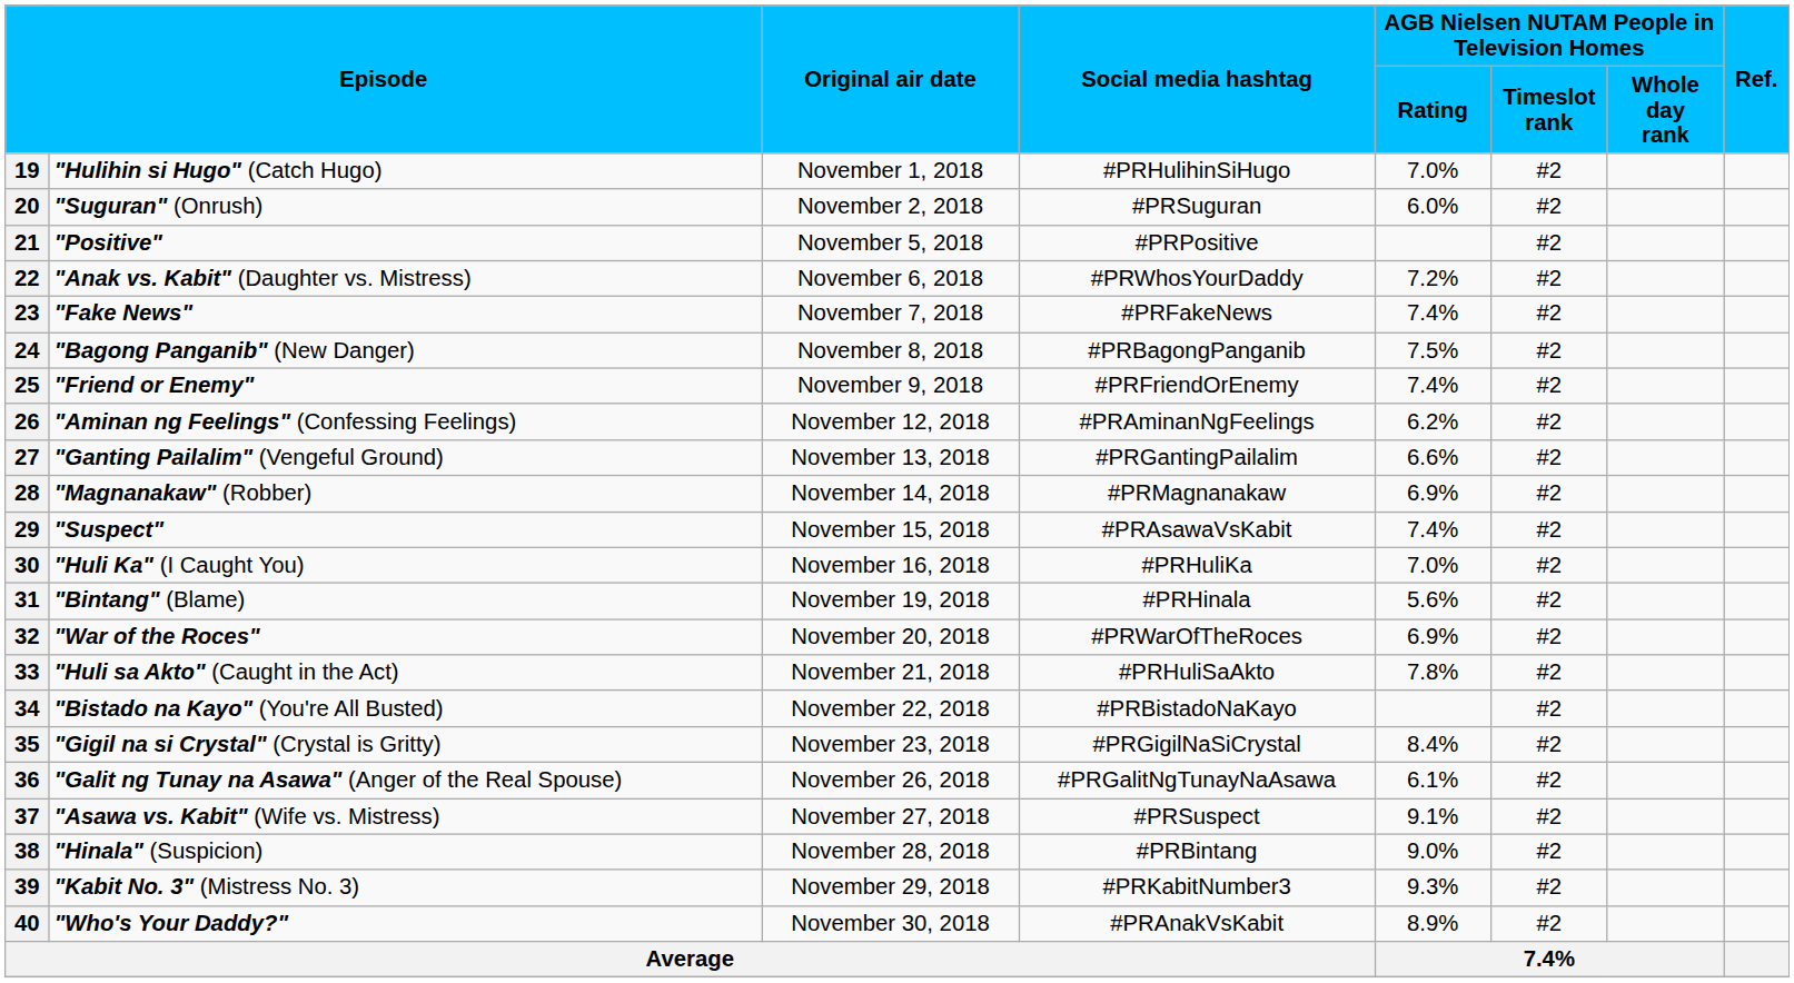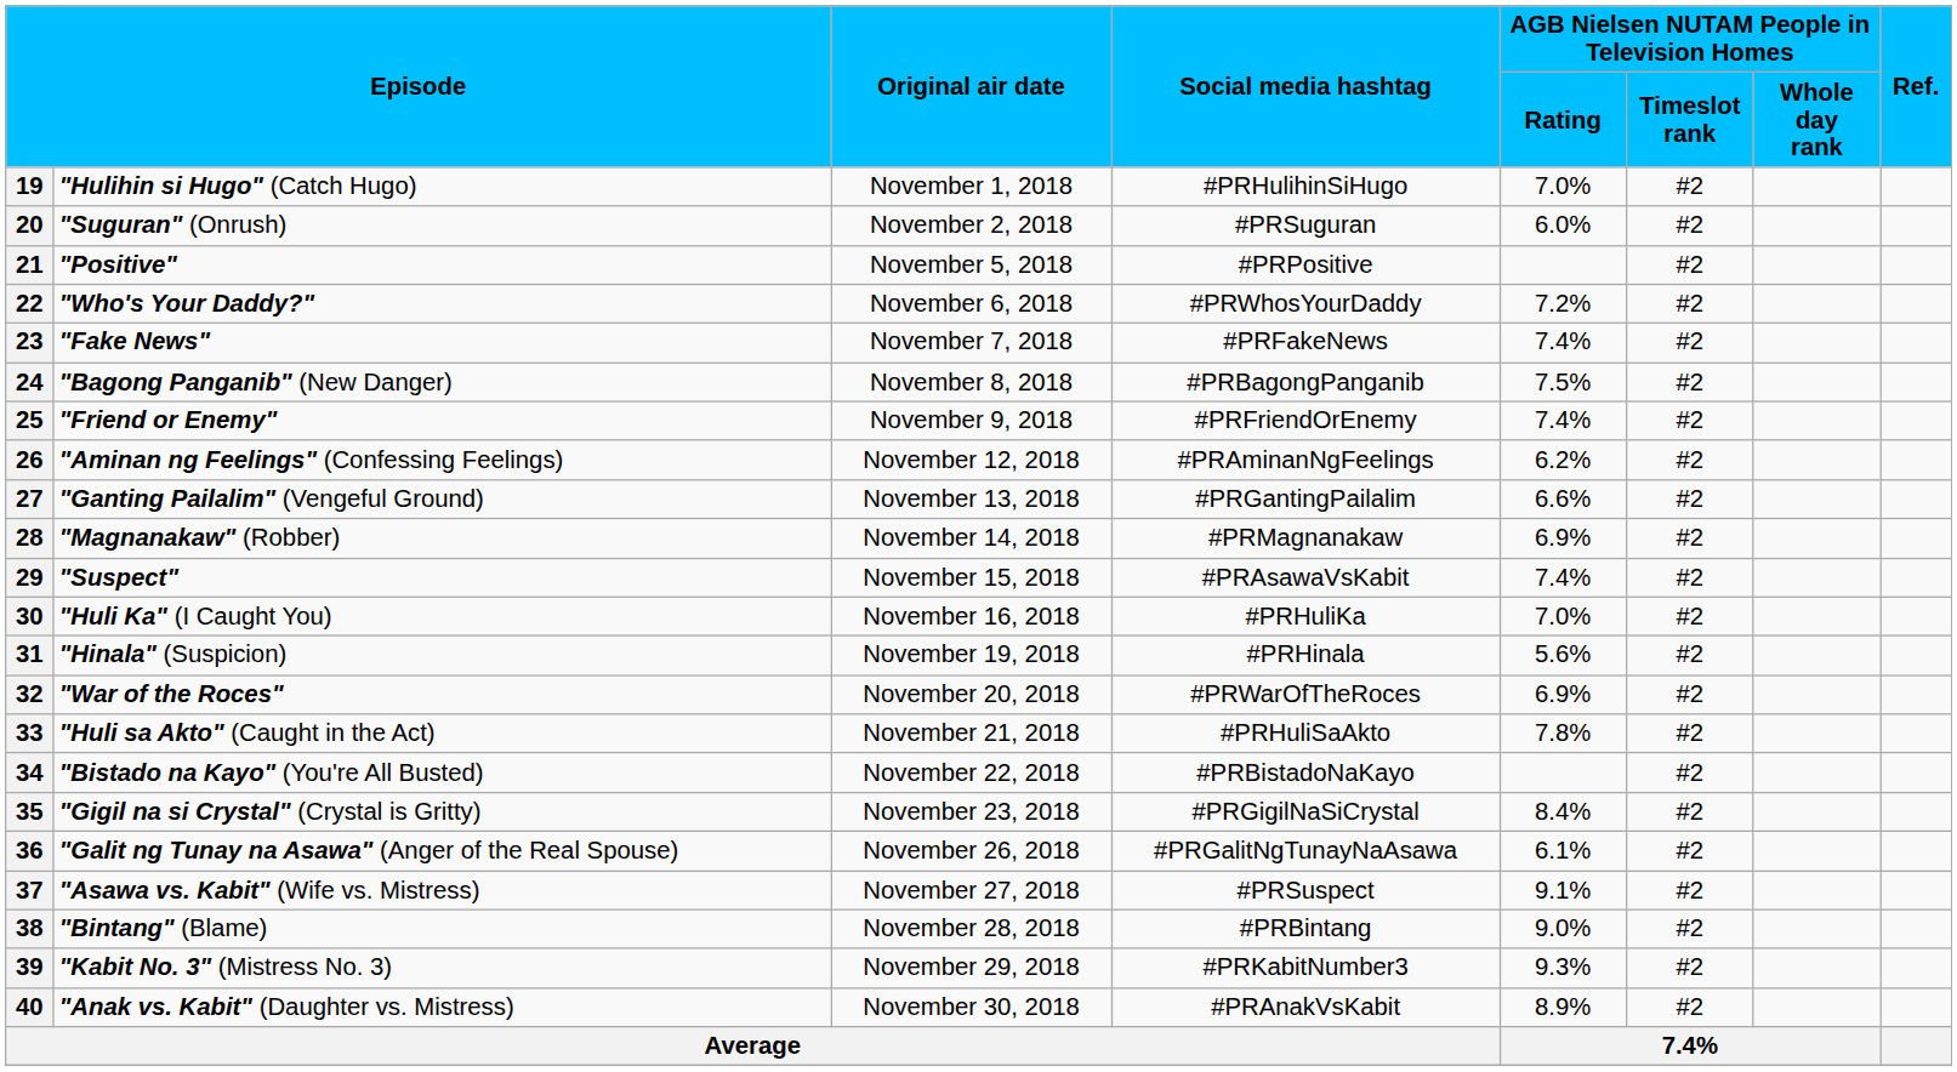 <table class="wikitable" style="text-align:center; font-size:100%; line-height:18px;" width="100%">
 <tr>
 <th style="background-color:#00BFFF; color:#000000;" colspan="2" rowspan="2">Episode</th>
 <th style="background-color:#00BFFF; color:black" rowspan="2">Original air date</th>
 <th style="background-color:#00BFFF; color:black" rowspan="2">Social media hashtag</th>
 <th style="background-color:#00BFFF; color:#000000;" colspan="3">AGB Nielsen NUTAM People in Television Homes</th>
 <th style="background-color:#00BFFF;  color:#000000;" rowspan="2">Ref.</th>
 </tr>
 <tr>
 <th style="background-color:#00BFFF; width:75px; color:#000000;">Rating</th>
 <th style="background-color:#00BFFF;  width:75px; color:#000000;">Timeslot<br>rank</th>
 <th style="background-color:#00BFFF; width:75px; color:#000000;">Whole day<br>rank</th>
 </tr>
 <tr>
 <th>19</th>
 <td style="text-align: left;"><strong><em>"Hulihin si Hugo"</em></strong> (Catch Hugo)</td>
 <td>November 1, 2018</td>
 <td>#PRHulihinSiHugo</td>
 <td>7.0%</td>
 <td>#2</td>
 <td></td>
 <td></td>
 </tr>
 <tr>
 <th>20</th>
 <td style="text-align: left;"><strong><em>"Suguran"</em></strong> (Onrush)</td>
 <td>November 2, 2018</td>
 <td>#PRSuguran</td>
 <td>6.0%</td>
 <td>#2</td>
 <td></td>
 <td></td>
 </tr>
 <tr>
 <th>21</th>
 <td style="text-align: left;"><strong><em>"Positive"</em></strong></td>
 <td>November 5, 2018</td>
 <td>#PRPositive</td>
 <td></td>
 <td>#2</td>
 <td></td>
 <td></td>
 </tr>
 <tr>
 <th>22</th>
-<td style="text-align: left;"><strong><em>"Anak vs. Kabit"</em></strong> (Daughter vs. Mistress)</td>
+<td style="text-align: left;"><strong><em>"Who's Your Daddy?"</em></strong></td>
 <td>November 6, 2018</td>
 <td>#PRWhosYourDaddy</td>
 <td>7.2%</td>
 <td>#2</td>
 <td></td>
 <td></td>
 </tr>
 <tr>
 <th>23</th>
 <td style="text-align: left;"><strong><em>"Fake News"</em></strong></td>
 <td>November 7, 2018</td>
 <td>#PRFakeNews</td>
 <td>7.4%</td>
 <td>#2</td>
 <td></td>
 <td></td>
 </tr>
 <tr>
 <th>24</th>
 <td style="text-align: left;"><strong><em>"Bagong Panganib"</em></strong> (New Danger)</td>
 <td>November 8, 2018</td>
 <td>#PRBagongPanganib</td>
 <td>7.5%</td>
 <td>#2</td>
 <td></td>
 <td></td>
 </tr>
 <tr>
 <th>25</th>
 <td style="text-align: left;"><strong><em>"Friend or Enemy"</em></strong></td>
 <td>November 9, 2018</td>
 <td>#PRFriendOrEnemy</td>
 <td>7.4%</td>
 <td>#2</td>
 <td></td>
 <td></td>
 </tr>
 <tr>
 <th>26</th>
 <td style="text-align: left;"><strong><em>"Aminan ng Feelings"</em></strong> (Confessing Feelings)</td>
 <td>November 12, 2018</td>
 <td>#PRAminanNgFeelings</td>
 <td>6.2%</td>
 <td>#2</td>
 <td></td>
 <td></td>
 </tr>
 <tr>
 <th>27</th>
 <td style="text-align: left;"><strong><em>"Ganting Pailalim"</em></strong> (Vengeful Ground)</td>
 <td>November 13, 2018</td>
 <td>#PRGantingPailalim</td>
 <td>6.6%</td>
 <td>#2</td>
 <td></td>
 <td></td>
 </tr>
 <tr>
 <th>28</th>
 <td style="text-align: left;"><strong><em>"Magnanakaw"</em></strong> (Robber)</td>
 <td>November 14, 2018</td>
 <td>#PRMagnanakaw</td>
 <td>6.9%</td>
 <td>#2</td>
 <td></td>
 <td></td>
 </tr>
 <tr>
 <th>29</th>
 <td style="text-align: left;"><strong><em>"Suspect"</em></strong></td>
 <td>November 15, 2018</td>
 <td>#PRAsawaVsKabit</td>
 <td>7.4%</td>
 <td>#2</td>
 <td></td>
 <td></td>
 </tr>
 <tr>
 <th>30</th>
 <td style="text-align: left;"><strong><em>"Huli Ka"</em></strong> (I Caught You)</td>
 <td>November 16, 2018</td>
 <td>#PRHuliKa</td>
 <td>7.0%</td>
 <td>#2</td>
 <td></td>
 <td></td>
 </tr>
 <tr>
 <th>31</th>
-<td style="text-align: left;"><strong><em>"Bintang"</em></strong> (Blame)</td>
+<td style="text-align: left;"><strong><em>"Hinala"</em></strong> (Suspicion)</td>
 <td>November 19, 2018</td>
 <td>#PRHinala</td>
 <td>5.6%</td>
 <td>#2</td>
 <td></td>
 <td></td>
 </tr>
 <tr>
 <th>32</th>
 <td style="text-align: left;"><strong><em>"War of the Roces"</em></strong></td>
 <td>November 20, 2018</td>
 <td>#PRWarOfTheRoces</td>
 <td>6.9%</td>
 <td>#2</td>
 <td></td>
 <td></td>
 </tr>
 <tr>
 <th>33</th>
 <td style="text-align: left;"><strong><em>"Huli sa Akto"</em></strong> (Caught in the Act)</td>
 <td>November 21, 2018</td>
 <td>#PRHuliSaAkto</td>
 <td>7.8%</td>
 <td>#2</td>
 <td></td>
 <td></td>
 </tr>
 <tr>
 <th>34</th>
 <td style="text-align: left;"><strong><em>"Bistado na Kayo"</em></strong> (You're All Busted)</td>
 <td>November 22, 2018</td>
 <td>#PRBistadoNaKayo</td>
 <td></td>
 <td>#2</td>
 <td></td>
 <td></td>
 </tr>
 <tr>
 <th>35</th>
 <td style="text-align: left;"><strong><em>"Gigil na si Crystal"</em></strong> (Crystal is Gritty)</td>
 <td>November 23, 2018</td>
 <td>#PRGigilNaSiCrystal</td>
 <td>8.4%</td>
 <td>#2</td>
 <td></td>
 <td></td>
 </tr>
 <tr>
 <th>36</th>
 <td style="text-align: left;"><strong><em>"Galit ng Tunay na Asawa"</em></strong> (Anger of the Real Spouse)</td>
 <td>November 26, 2018</td>
 <td>#PRGalitNgTunayNaAsawa</td>
 <td>6.1%</td>
 <td>#2</td>
 <td></td>
 <td></td>
 </tr>
 <tr>
 <th>37</th>
 <td style="text-align: left;"><strong><em>"Asawa vs. Kabit"</em></strong> (Wife vs. Mistress)</td>
 <td>November 27, 2018</td>
 <td>#PRSuspect</td>
 <td>9.1%</td>
 <td>#2</td>
 <td></td>
 <td></td>
 </tr>
 <tr>
 <th>38</th>
-<td style="text-align: left;"><strong><em>"Hinala"</em></strong> (Suspicion)</td>
+<td style="text-align: left;"><strong><em>"Bintang"</em></strong> (Blame)</td>
 <td>November 28, 2018</td>
 <td>#PRBintang</td>
 <td>9.0%</td>
 <td>#2</td>
 <td></td>
 <td></td>
 </tr>
 <tr>
 <th>39</th>
 <td style="text-align: left;"><strong><em>"Kabit No. 3"</em></strong> (Mistress No. 3)</td>
 <td>November 29, 2018</td>
 <td>#PRKabitNumber3</td>
 <td>9.3%</td>
 <td>#2</td>
 <td></td>
 <td></td>
 </tr>
 <tr>
 <th>40</th>
-<td style="text-align: left;"><strong><em>"Who's Your Daddy?"</em></strong></td>
+<td style="text-align: left;"><strong><em>"Anak vs. Kabit"</em></strong> (Daughter vs. Mistress)</td>
 <td>November 30, 2018</td>
 <td>#PRAnakVsKabit</td>
 <td>8.9%</td>
 <td>#2</td>
 <td></td>
 <td></td>
 </tr>
 <tr>
 <th colspan="4">Average</th>
 <th colspan="3">7.4%</th>
 <th></th>
 </tr>
 <tr>
 </tr>
 </table>
